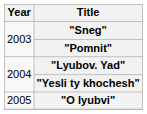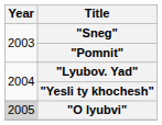 <table class="wikitable plainrowheaders" style="text-align:center;" border="1">
 <tr>
 <th scope="col">Year</th>
 <th scope="col">Title</th>
 </tr>
 <tr>
 <td rowspan="2">2003</td>
 <th scope="row">"Sneg"</th>
 </tr>
 <tr>
 <th scope="row">"Pomnit"</th>
 </tr>
 <tr>
 <td rowspan="2">2004</td>
 <th scope="row">"Lyubov. Yad"</th>
 </tr>
 <tr>
 <th scope="row">"Yesli ty khochesh"</th>
 </tr>
 <tr>
-<td>2005</td>
+<td style="background: lightgrey;">2005</td>
 <th scope="row">"O lyubvi"</th>
 </tr>
 <tr>
 </tr>
 </table>
